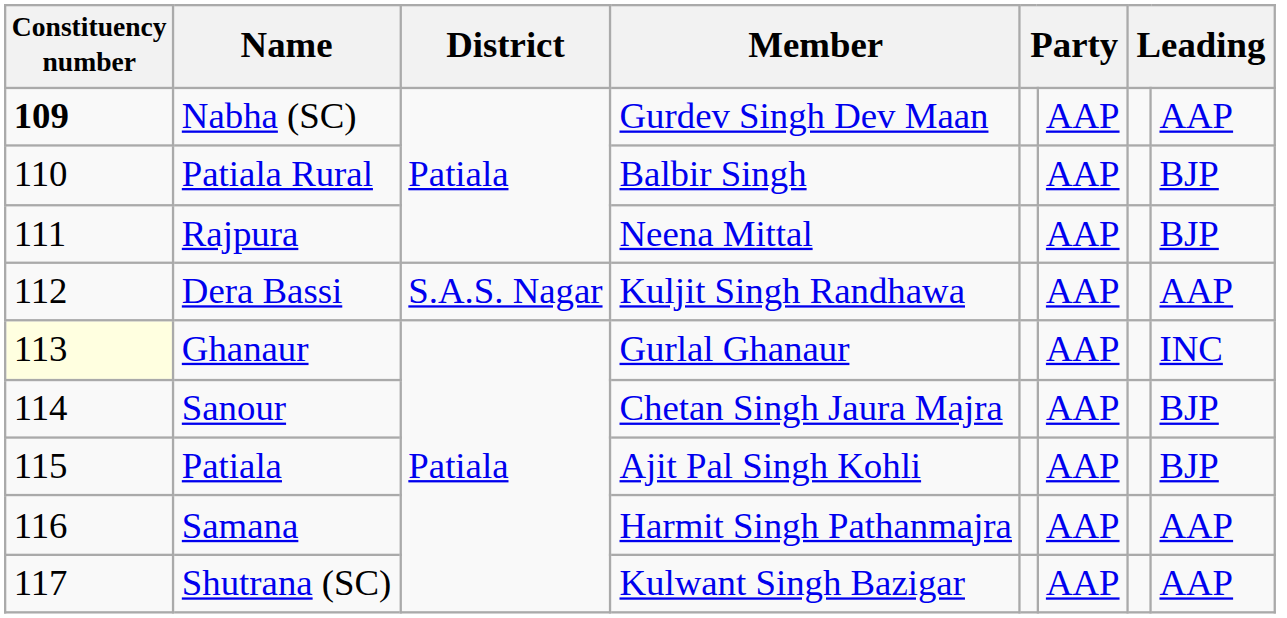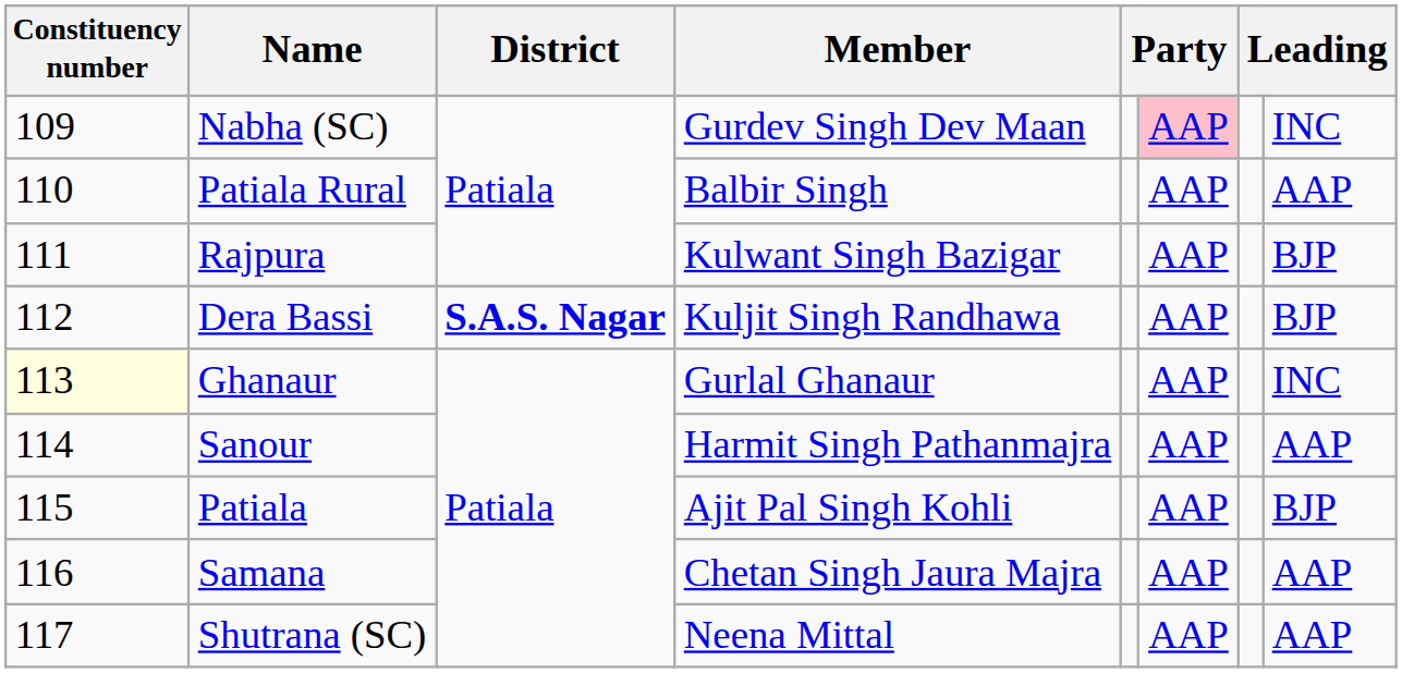 <table class="wikitable sortable">
 <tr>
 <th width="50px" style="font-size:75%">Constituency number</th>
 <th>Name</th>
 <th>District</th>
 <th>Member</th>
 <th colspan=2>Party</th>
 <th colspan=2>Leading<br></th>
 </tr>
 <tr>
-<td><strong>109</strong></td>
+<td>109</td>
 <td><a href='#'>Nabha</a> (SC)</td>
 <td rowspan="3"><a href='#'>Patiala</a></td>
 <td><a href='#'>Gurdev Singh Dev Maan</a></td>
 <td style="background-color: "></td>
-<td><a href='#'>AAP</a></td>
+<td style="background: pink;"><a href='#'>AAP</a></td>
 <td style="background-color:"></td>
-<td><a href='#'>AAP</a></td>
+<td><a href='#'>INC</a></td>
 </tr>
 <tr>
 <td>110</td>
 <td><a href='#'>Patiala Rural</a></td>
 <td><a href='#'>Balbir Singh</a></td>
 <td style="background-color: "></td>
 <td><a href='#'>AAP</a></td>
 <td style="background-color: "></td>
-<td><a href='#'>BJP</a></td>
+<td><a href='#'>AAP</a></td>
 </tr>
 <tr>
 <td>111</td>
 <td><a href='#'>Rajpura</a></td>
-<td><a href='#'>Neena Mittal</a></td>
+<td><a href='#'>Kulwant Singh Bazigar</a></td>
 <td style="background-color: "></td>
 <td><a href='#'>AAP</a></td>
 <td style="background-color:"></td>
 <td><a href='#'>BJP</a></td>
 </tr>
 <tr>
 <td>112</td>
 <td><a href='#'>Dera Bassi</a></td>
-<td><a href='#'>S.A.S. Nagar</a></td>
+<td><strong><a href='#'>S.A.S. Nagar</a></strong></td>
 <td><a href='#'>Kuljit Singh Randhawa</a></td>
 <td style="background-color: "></td>
 <td><a href='#'>AAP</a></td>
 <td style="background-color:"></td>
-<td><a href='#'>AAP</a></td>
+<td><a href='#'>BJP</a></td>
 </tr>
 <tr>
 <td style="background: lightyellow;">113</td>
 <td><a href='#'>Ghanaur</a></td>
 <td rowspan="5"><a href='#'>Patiala</a></td>
 <td><a href='#'>Gurlal Ghanaur</a></td>
 <td style="background-color: "></td>
 <td><a href='#'>AAP</a></td>
 <td style="background-color:"></td>
 <td><a href='#'>INC</a></td>
 </tr>
 <tr>
 <td>114</td>
 <td><a href='#'>Sanour</a></td>
-<td><a href='#'>Chetan Singh Jaura Majra</a></td>
+<td><a href='#'>Harmit Singh Pathanmajra</a></td>
 <td style="background-color: "></td>
 <td><a href='#'>AAP</a></td>
 <td style="background-color: "></td>
-<td><a href='#'>BJP</a></td>
+<td><a href='#'>AAP</a></td>
 </tr>
 <tr>
 <td>115</td>
 <td><a href='#'>Patiala</a></td>
 <td><a href='#'>Ajit Pal Singh Kohli</a></td>
 <td style="background-color: "></td>
 <td><a href='#'>AAP</a></td>
 <td style="background-color:"></td>
 <td><a href='#'>BJP</a></td>
 </tr>
 <tr>
 <td>116</td>
 <td><a href='#'>Samana</a></td>
-<td><a href='#'>Harmit Singh Pathanmajra</a></td>
+<td><a href='#'>Chetan Singh Jaura Majra</a></td>
 <td style="background-color: "></td>
 <td><a href='#'>AAP</a></td>
 <td style="background-color: "></td>
 <td><a href='#'>AAP</a></td>
 </tr>
 <tr>
 <td>117</td>
 <td><a href='#'>Shutrana</a> (SC)</td>
-<td><a href='#'>Kulwant Singh Bazigar</a></td>
+<td><a href='#'>Neena Mittal</a></td>
 <td style="background-color: "></td>
 <td><a href='#'>AAP</a></td>
 <td style="background-color: "></td>
 <td><a href='#'>AAP</a></td>
 </tr>
 </table>
